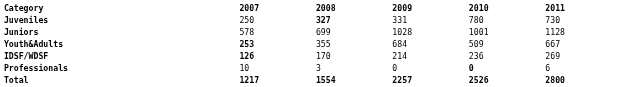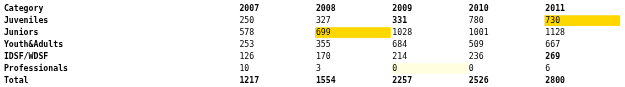 <table class="standard" width="50%">
 <tr>
 <td><strong>Category</strong></td>
 <td><strong>2007</strong></td>
 <td><strong>2008</strong></td>
 <td><strong>2009</strong></td>
 <td><strong>2010</strong></td>
 <td><strong>2011</strong></td>
 <td></td>
 </tr>
 <tr>
 <td><strong>Juveniles</strong></td>
 <td>250</td>
-<td><strong>327</strong></td>
-<td>331</td>
+<td>327</td>
+<td><strong>331</strong></td>
 <td>780</td>
-<td>730</td>
+<td style="background: gold;">730</td>
 </tr>
 <tr>
 <td><strong>Juniors</strong></td>
 <td>578</td>
-<td>699</td>
+<td style="background: gold;">699</td>
 <td>1028</td>
 <td>1001</td>
 <td>1128</td>
 </tr>
 <tr>
 <td><strong>Youth&Adults</strong></td>
-<td><strong>253</strong></td>
+<td>253</td>
 <td>355</td>
 <td>684</td>
 <td>509</td>
 <td>667</td>
 </tr>
 <tr>
 <td><strong>IDSF/WDSF</strong></td>
-<td><strong>126</strong></td>
+<td>126</td>
 <td>170</td>
 <td>214</td>
 <td>236</td>
-<td>269</td>
+<td><strong>269</strong></td>
 </tr>
 <tr>
 <td><strong>Professionals</strong></td>
 <td>10</td>
 <td>3</td>
+<td style="background: lightyellow;">0</td>
 <td>0</td>
-<td><strong>0</strong></td>
 <td>6</td>
 </tr>
 <tr class="bright">
 <td><strong>Total</strong></td>
 <td><strong>1217</strong></td>
 <td><strong>1554</strong></td>
 <td><strong>2257</strong></td>
 <td><strong>2526</strong></td>
 <td><strong>2800</strong></td>
 </tr>
 </table>
